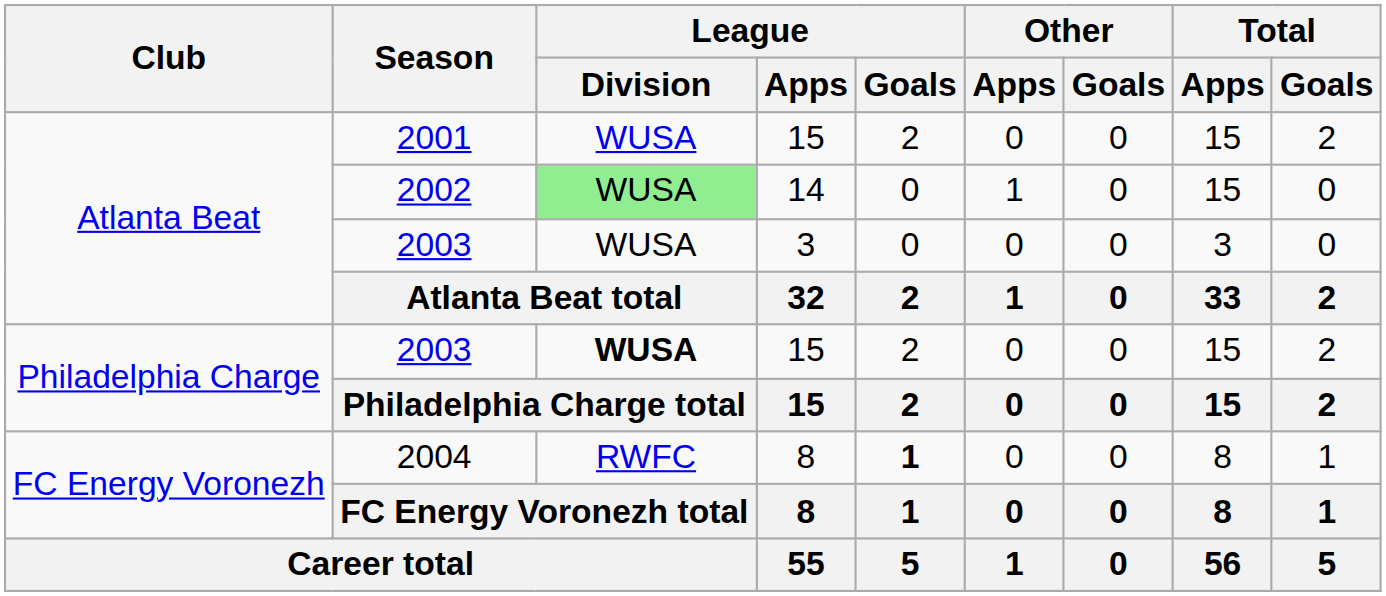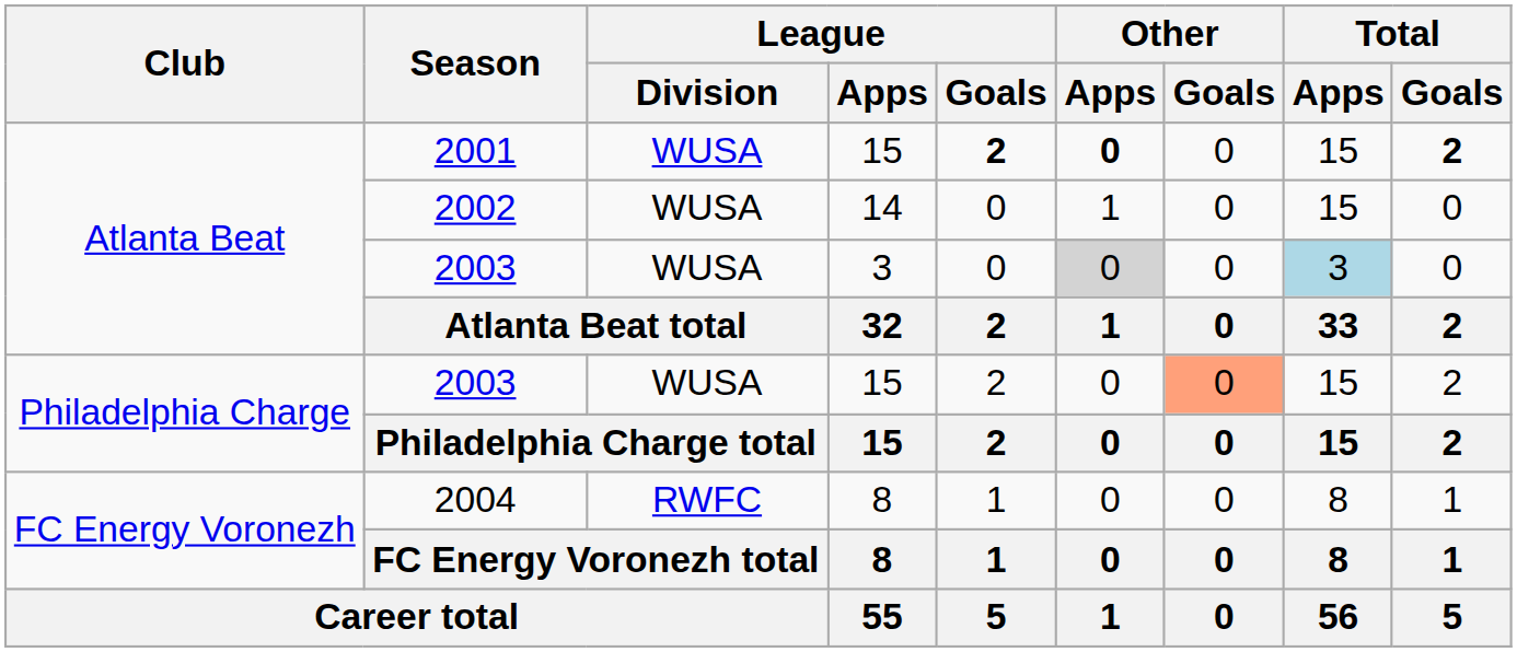 <table class="wikitable" style="text-align: center;">
 <tr>
 <th rowspan=2>Club</th>
 <th rowspan=2>Season</th>
 <th colspan=3>League</th>
 <th colspan=2>Other</th>
 <th colspan=2>Total</th>
 </tr>
 <tr>
 <th>Division</th>
 <th>Apps</th>
 <th>Goals</th>
 <th>Apps</th>
 <th>Goals</th>
 <th>Apps</th>
 <th>Goals</th>
 </tr>
 <tr>
 <td rowspan=4><a href='#'>Atlanta Beat</a></td>
 <td><a href='#'>2001</a></td>
 <td><a href='#'>WUSA</a></td>
 <td>15</td>
-<td>2</td>
-<td>0</td>
+<td><strong>2</strong></td>
+<td><strong>0</strong></td>
 <td>0</td>
 <td>15</td>
-<td>2</td>
+<td><strong>2</strong></td>
 </tr>
 <tr>
 <td><a href='#'>2002</a></td>
-<td style="background: lightgreen;">WUSA</td>
+<td>WUSA</td>
 <td>14</td>
 <td>0</td>
 <td>1</td>
 <td>0</td>
 <td>15</td>
 <td>0</td>
 </tr>
 <tr>
 <td><a href='#'>2003</a></td>
 <td>WUSA</td>
 <td>3</td>
 <td>0</td>
+<td style="background: lightgrey;">0</td>
 <td>0</td>
-<td>0</td>
-<td>3</td>
+<td style="background: lightblue;">3</td>
 <td>0</td>
 </tr>
 <tr>
 <th colspan=2>Atlanta Beat total</th>
 <th>32</th>
 <th>2</th>
 <th>1</th>
 <th>0</th>
 <th>33</th>
 <th>2</th>
 </tr>
 <tr>
 <td rowspan=2><a href='#'>Philadelphia Charge</a></td>
 <td><a href='#'>2003</a></td>
-<td><strong>WUSA</strong></td>
+<td>WUSA</td>
 <td>15</td>
 <td>2</td>
 <td>0</td>
-<td>0</td>
+<td style="background: lightsalmon;">0</td>
 <td>15</td>
 <td>2</td>
 </tr>
 <tr>
 <th colspan=2>Philadelphia Charge total</th>
 <th>15</th>
 <th>2</th>
 <th>0</th>
 <th>0</th>
 <th>15</th>
 <th>2</th>
 </tr>
 <tr>
 <td rowspan=2><a href='#'>FC Energy Voronezh</a></td>
 <td>2004</td>
 <td><a href='#'>RWFC</a></td>
 <td>8</td>
-<td><strong>1</strong></td>
+<td>1</td>
 <td>0</td>
 <td>0</td>
 <td>8</td>
 <td>1</td>
 </tr>
 <tr>
 <th colspan=2>FC Energy Voronezh total</th>
 <th>8</th>
 <th>1</th>
 <th>0</th>
 <th>0</th>
 <th>8</th>
 <th>1</th>
 </tr>
 <tr>
 <th colspan=3>Career total</th>
 <th>55</th>
 <th>5</th>
 <th>1</th>
 <th>0</th>
 <th>56</th>
 <th>5</th>
 </tr>
 </table>
